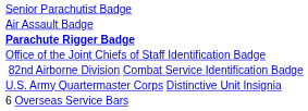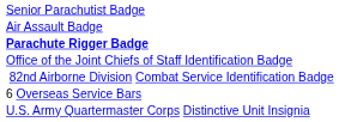 <table>
 <tr>
 <td> <a href='#'>Senior Parachutist Badge</a></td>
 </tr>
 <tr>
 <td> <a href='#'>Air Assault Badge</a></td>
 </tr>
 <tr>
 <td><strong> <a href='#'>Parachute Rigger Badge</a></strong></td>
 </tr>
 <tr>
 <td> <a href='#'>Office of the Joint Chiefs of Staff Identification Badge</a></td>
 </tr>
 <tr>
 <td> <a href='#'>82nd Airborne Division</a> <a href='#'>Combat Service Identification Badge</a></td>
 </tr>
 <tr>
+<td> 6 <a href='#'>Overseas Service Bars</a></td>
+</tr>
+<tr>
 <td> <a href='#'>U.S. Army Quartermaster Corps</a> <a href='#'>Distinctive Unit Insignia</a></td>
 </tr>
-<tr>
-<td> 6 <a href='#'>Overseas Service Bars</a></td>
-</tr>
 </table>
